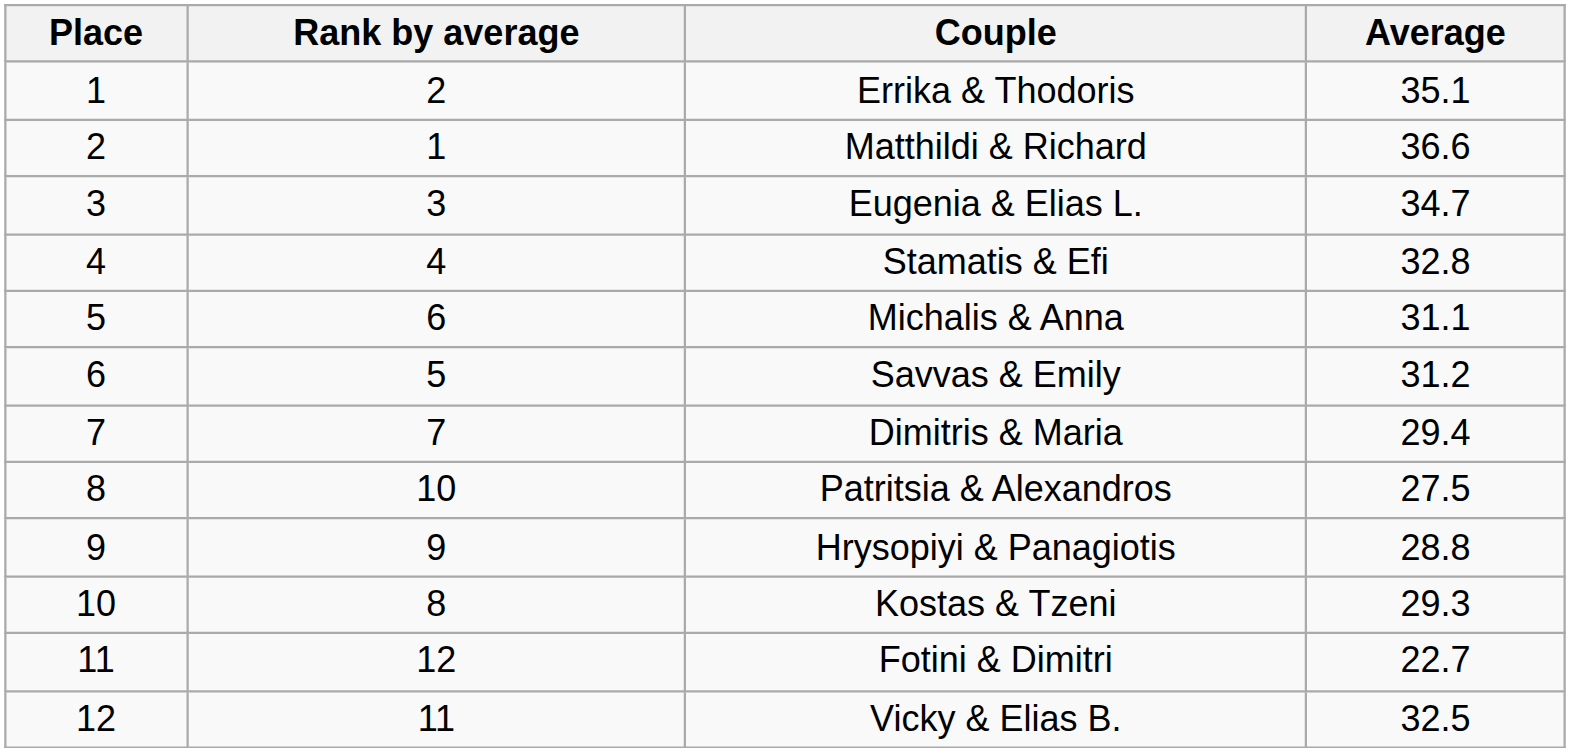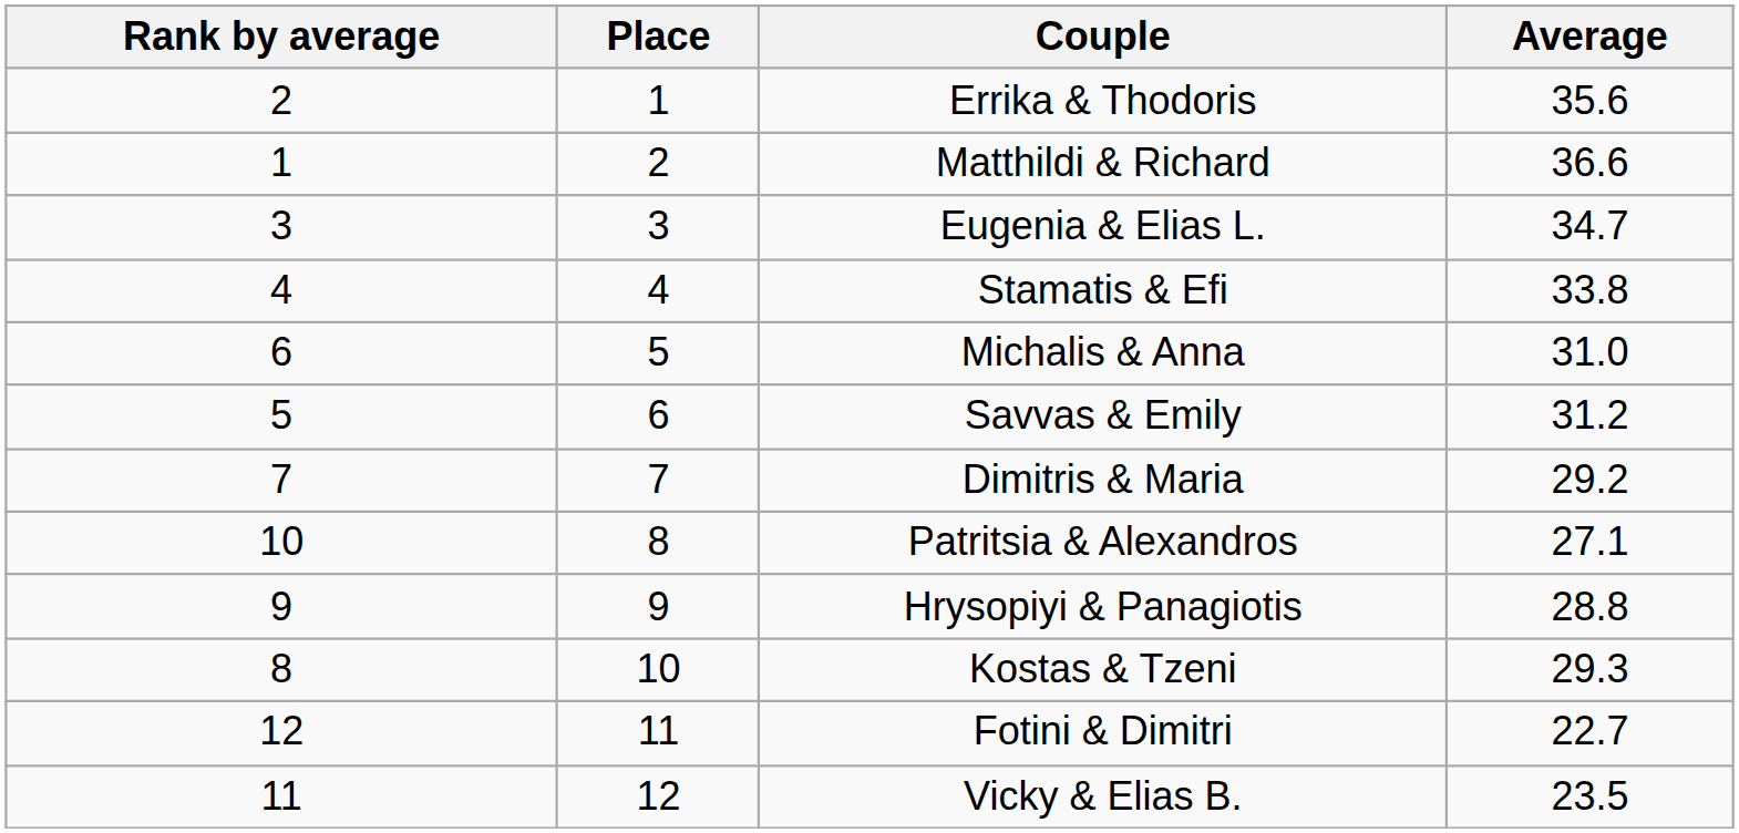 <table class="wikitable sortable" style="margin:auto; text-align:center; white:nowrap; width:35%;">
 <tr>
+<th>Rank by average</th>
 <th>Place</th>
-<th>Rank by average</th>
 <th>Couple</th>
 <th>Average</th>
 </tr>
 <tr>
+<td>2</td>
+<td>1</td>
+<td>Errika & Thodoris</td>
+<td>35.6</td>
+</tr>
+<tr>
 <td>1</td>
 <td>2</td>
-<td>Errika & Thodoris</td>
-<td>35.1</td>
-</tr>
-<tr>
-<td>2</td>
-<td>1</td>
 <td>Matthildi & Richard</td>
 <td>36.6</td>
 </tr>
 <tr>
 <td>3</td>
 <td>3</td>
 <td>Eugenia & Elias L.</td>
 <td>34.7</td>
 </tr>
 <tr>
 <td>4</td>
 <td>4</td>
 <td>Stamatis & Efi</td>
-<td>32.8</td>
+<td>33.8</td>
+</tr>
+<tr>
+<td>6</td>
+<td>5</td>
+<td>Michalis & Anna</td>
+<td>31.0</td>
 </tr>
 <tr>
 <td>5</td>
 <td>6</td>
-<td>Michalis & Anna</td>
-<td>31.1</td>
-</tr>
-<tr>
-<td>6</td>
-<td>5</td>
 <td>Savvas & Emily</td>
 <td>31.2</td>
 </tr>
 <tr>
 <td>7</td>
 <td>7</td>
 <td>Dimitris & Maria</td>
-<td>29.4</td>
+<td>29.2</td>
 </tr>
 <tr>
+<td>10</td>
 <td>8</td>
-<td>10</td>
 <td>Patritsia & Alexandros</td>
-<td>27.5</td>
+<td>27.1</td>
 </tr>
 <tr>
 <td>9</td>
 <td>9</td>
 <td>Hrysopiyi & Panagiotis</td>
 <td>28.8</td>
 </tr>
 <tr>
+<td>8</td>
 <td>10</td>
-<td>8</td>
 <td>Kostas & Tzeni</td>
 <td>29.3</td>
 </tr>
 <tr>
+<td>12</td>
 <td>11</td>
-<td>12</td>
 <td>Fotini & Dimitri</td>
 <td>22.7</td>
 </tr>
 <tr>
+<td>11</td>
 <td>12</td>
-<td>11</td>
 <td>Vicky & Elias B.</td>
-<td>32.5</td>
+<td>23.5</td>
 </tr>
 </table>
